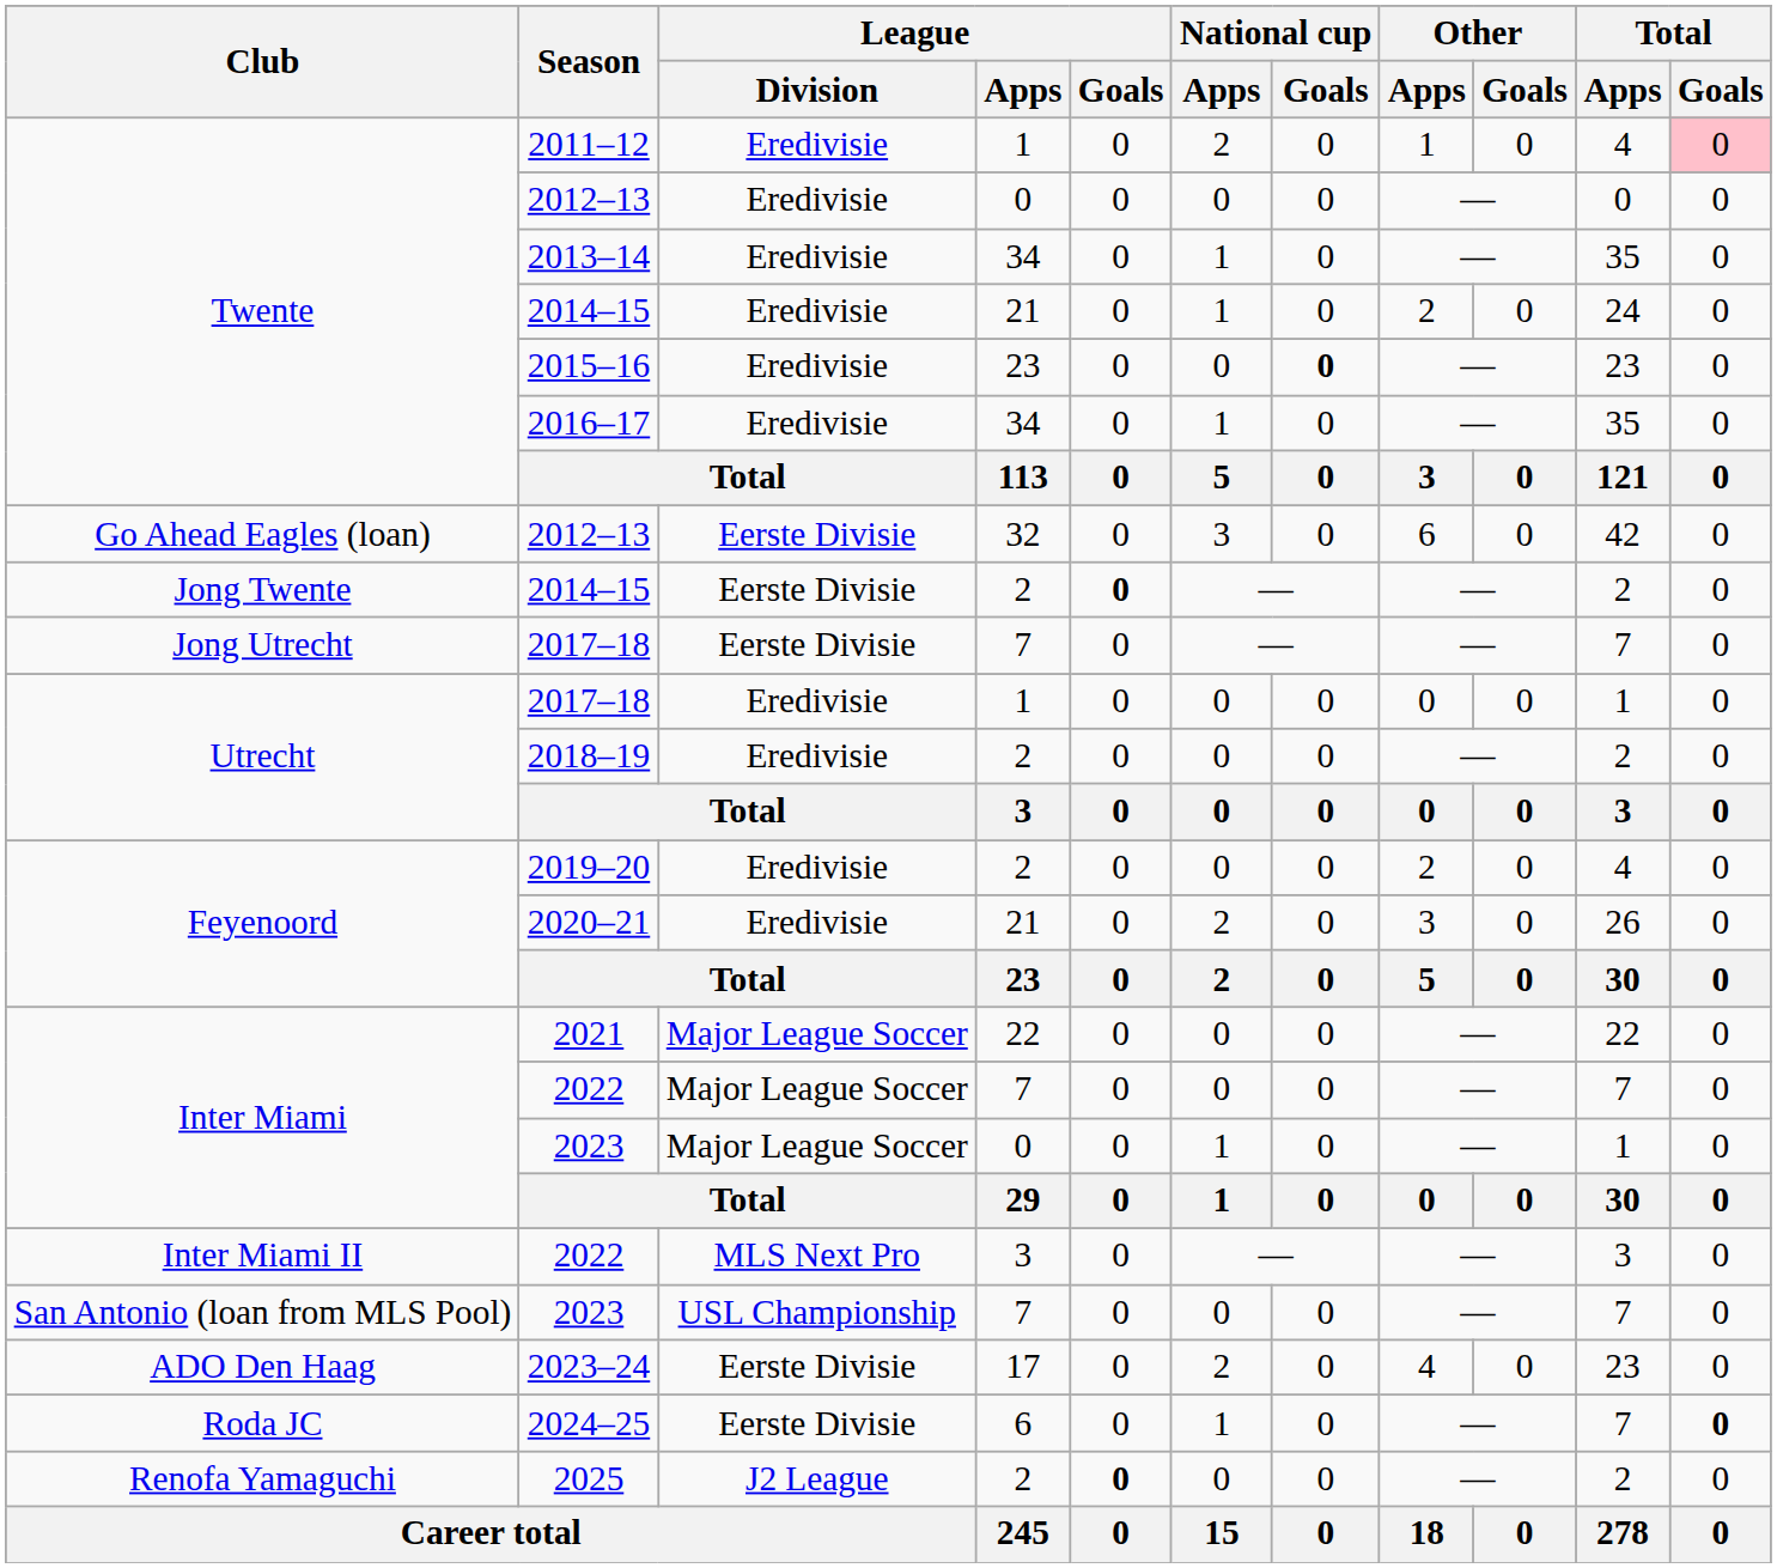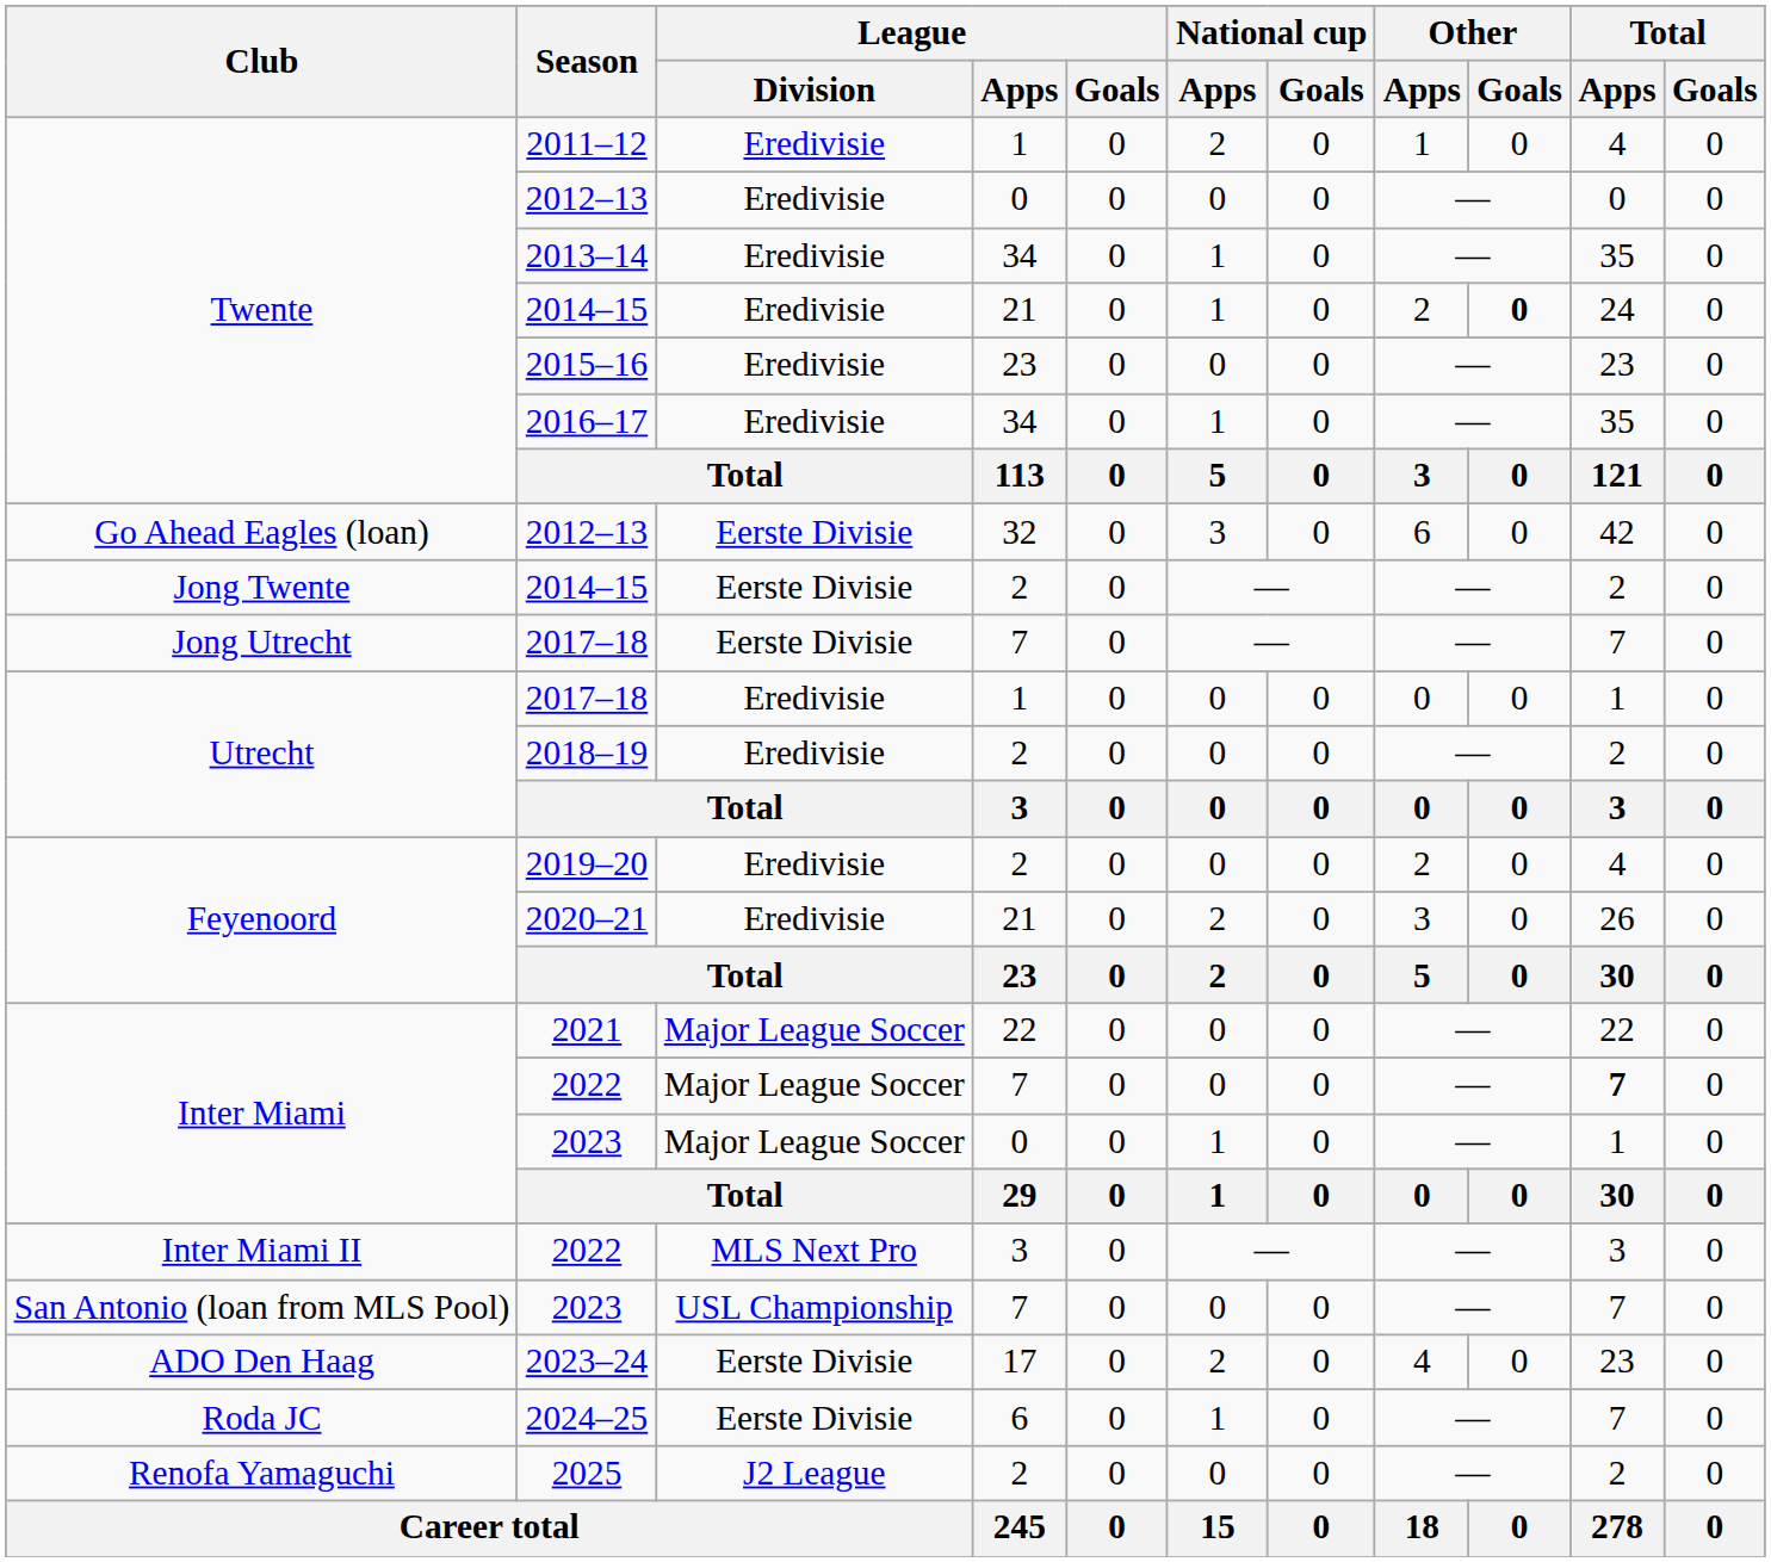 <table class="wikitable" style="text-align: center">
 <tr>
 <th rowspan="2">Club</th>
 <th rowspan="2">Season</th>
 <th colspan="3">League</th>
 <th colspan="2">National cup</th>
 <th colspan="2">Other</th>
 <th colspan="2">Total</th>
 </tr>
 <tr>
 <th>Division</th>
 <th>Apps</th>
 <th>Goals</th>
 <th>Apps</th>
 <th>Goals</th>
 <th>Apps</th>
 <th>Goals</th>
 <th>Apps</th>
 <th>Goals</th>
 </tr>
 <tr>
 <td rowspan="7"><a href='#'>Twente</a></td>
 <td><a href='#'>2011–12</a></td>
 <td><a href='#'>Eredivisie</a></td>
 <td>1</td>
 <td>0</td>
 <td>2</td>
 <td>0</td>
 <td>1</td>
 <td>0</td>
 <td>4</td>
-<td style="background: pink;">0</td>
+<td>0</td>
 </tr>
 <tr>
 <td><a href='#'>2012–13</a></td>
 <td>Eredivisie</td>
 <td>0</td>
 <td>0</td>
 <td>0</td>
 <td>0</td>
 <td colspan="2">—</td>
 <td>0</td>
 <td>0</td>
 </tr>
 <tr>
 <td><a href='#'>2013–14</a></td>
 <td>Eredivisie</td>
 <td>34</td>
 <td>0</td>
 <td>1</td>
 <td>0</td>
 <td colspan="2">—</td>
 <td>35</td>
 <td>0</td>
 </tr>
 <tr>
 <td><a href='#'>2014–15</a></td>
 <td>Eredivisie</td>
 <td>21</td>
 <td>0</td>
 <td>1</td>
 <td>0</td>
 <td>2</td>
-<td>0</td>
+<td><strong>0</strong></td>
 <td>24</td>
 <td>0</td>
 </tr>
 <tr>
 <td><a href='#'>2015–16</a></td>
 <td>Eredivisie</td>
 <td>23</td>
 <td>0</td>
 <td>0</td>
-<td><strong>0</strong></td>
+<td>0</td>
 <td colspan="2">—</td>
 <td>23</td>
 <td>0</td>
 </tr>
 <tr>
 <td><a href='#'>2016–17</a></td>
 <td>Eredivisie</td>
 <td>34</td>
 <td>0</td>
 <td>1</td>
 <td>0</td>
 <td colspan="2">—</td>
 <td>35</td>
 <td>0</td>
 </tr>
 <tr>
 <th colspan="2">Total</th>
 <th>113</th>
 <th>0</th>
 <th>5</th>
 <th>0</th>
 <th>3</th>
 <th>0</th>
 <th>121</th>
 <th>0</th>
 </tr>
 <tr>
 <td><a href='#'>Go Ahead Eagles</a> (loan)</td>
 <td><a href='#'>2012–13</a></td>
 <td><a href='#'>Eerste Divisie</a></td>
 <td>32</td>
 <td>0</td>
 <td>3</td>
 <td>0</td>
 <td>6</td>
 <td>0</td>
 <td>42</td>
 <td>0</td>
 </tr>
 <tr>
 <td><a href='#'>Jong Twente</a></td>
 <td><a href='#'>2014–15</a></td>
 <td>Eerste Divisie</td>
 <td>2</td>
-<td><strong>0</strong></td>
+<td>0</td>
 <td colspan="2">—</td>
 <td colspan="2">—</td>
 <td>2</td>
 <td>0</td>
 </tr>
 <tr>
 <td><a href='#'>Jong Utrecht</a></td>
 <td><a href='#'>2017–18</a></td>
 <td>Eerste Divisie</td>
 <td>7</td>
 <td>0</td>
 <td colspan="2">—</td>
 <td colspan="2">—</td>
 <td>7</td>
 <td>0</td>
 </tr>
 <tr>
 <td rowspan="3"><a href='#'>Utrecht</a></td>
 <td><a href='#'>2017–18</a></td>
 <td>Eredivisie</td>
 <td>1</td>
 <td>0</td>
 <td>0</td>
 <td>0</td>
 <td>0</td>
 <td>0</td>
 <td>1</td>
 <td>0</td>
 </tr>
 <tr>
 <td><a href='#'>2018–19</a></td>
 <td>Eredivisie</td>
 <td>2</td>
 <td>0</td>
 <td>0</td>
 <td>0</td>
 <td colspan="2">—</td>
 <td>2</td>
 <td>0</td>
 </tr>
 <tr>
 <th colspan="2">Total</th>
 <th>3</th>
 <th>0</th>
 <th>0</th>
 <th>0</th>
 <th>0</th>
 <th>0</th>
 <th>3</th>
 <th>0</th>
 </tr>
 <tr>
 <td rowspan="3"><a href='#'>Feyenoord</a></td>
 <td><a href='#'>2019–20</a></td>
 <td>Eredivisie</td>
 <td>2</td>
 <td>0</td>
 <td>0</td>
 <td>0</td>
 <td>2</td>
 <td>0</td>
 <td>4</td>
 <td>0</td>
 </tr>
 <tr>
 <td><a href='#'>2020–21</a></td>
 <td>Eredivisie</td>
 <td>21</td>
 <td>0</td>
 <td>2</td>
 <td>0</td>
 <td>3</td>
 <td>0</td>
 <td>26</td>
 <td>0</td>
 </tr>
 <tr>
 <th colspan="2">Total</th>
 <th>23</th>
 <th>0</th>
 <th>2</th>
 <th>0</th>
 <th>5</th>
 <th>0</th>
 <th>30</th>
 <th>0</th>
 </tr>
 <tr>
 <td rowspan="4"><a href='#'>Inter Miami</a></td>
 <td><a href='#'>2021</a></td>
 <td><a href='#'>Major League Soccer</a></td>
 <td>22</td>
 <td>0</td>
 <td>0</td>
 <td>0</td>
 <td colspan="2">—</td>
 <td>22</td>
 <td>0</td>
 </tr>
 <tr>
 <td><a href='#'>2022</a></td>
 <td>Major League Soccer</td>
 <td>7</td>
 <td>0</td>
 <td>0</td>
 <td>0</td>
 <td colspan="2">—</td>
-<td>7</td>
+<td><strong>7</strong></td>
 <td>0</td>
 </tr>
 <tr>
 <td><a href='#'>2023</a></td>
 <td>Major League Soccer</td>
 <td>0</td>
 <td>0</td>
 <td>1</td>
 <td>0</td>
 <td colspan="2">—</td>
 <td>1</td>
 <td>0</td>
 </tr>
 <tr>
 <th colspan="2">Total</th>
 <th>29</th>
 <th>0</th>
 <th>1</th>
 <th>0</th>
 <th>0</th>
 <th>0</th>
 <th>30</th>
 <th>0</th>
 </tr>
 <tr>
 <td><a href='#'>Inter Miami II</a></td>
 <td><a href='#'>2022</a></td>
 <td><a href='#'>MLS Next Pro</a></td>
 <td>3</td>
 <td>0</td>
 <td colspan="2">—</td>
 <td colspan="2">—</td>
 <td>3</td>
 <td>0</td>
 </tr>
 <tr>
 <td><a href='#'>San Antonio</a> (loan from MLS Pool)</td>
 <td><a href='#'>2023</a></td>
 <td><a href='#'>USL Championship</a></td>
 <td>7</td>
 <td>0</td>
 <td>0</td>
 <td>0</td>
 <td colspan="2">—</td>
 <td>7</td>
 <td>0</td>
 </tr>
 <tr>
 <td><a href='#'>ADO Den Haag</a></td>
 <td><a href='#'>2023–24</a></td>
 <td>Eerste Divisie</td>
 <td>17</td>
 <td>0</td>
 <td>2</td>
 <td>0</td>
 <td>4</td>
 <td>0</td>
 <td>23</td>
 <td>0</td>
 </tr>
 <tr>
 <td><a href='#'>Roda JC</a></td>
 <td><a href='#'>2024–25</a></td>
 <td>Eerste Divisie</td>
 <td>6</td>
 <td>0</td>
 <td>1</td>
 <td>0</td>
 <td colspan="2">—</td>
 <td>7</td>
-<td><strong>0</strong></td>
+<td>0</td>
 </tr>
 <tr>
 <td><a href='#'>Renofa Yamaguchi</a></td>
 <td><a href='#'>2025</a></td>
 <td><a href='#'>J2 League</a></td>
 <td>2</td>
-<td><strong>0</strong></td>
+<td>0</td>
 <td>0</td>
 <td>0</td>
 <td colspan="2">—</td>
 <td>2</td>
 <td>0</td>
 </tr>
 <tr>
 <th colspan="3">Career total</th>
 <th>245</th>
 <th>0</th>
 <th>15</th>
 <th>0</th>
 <th>18</th>
 <th>0</th>
 <th>278</th>
 <th>0</th>
 </tr>
 </table>
